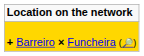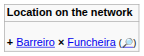 <table role="presentation" class="wikitable mw-collapsible mw-collapsed floatright">
 <tr>
 <td><strong>Location on the network</strong></td>
 </tr>
 <tr>
-<td style="background: gold;"><br><span><strong>+</strong> <a href='#'>Barreiro</a></span> <span><strong>×</strong> <a href='#'>Funcheira</a></span> <small>(<a href='#'>🔎</a>)</small></td>
+<td><br><span><strong>+</strong> <a href='#'>Barreiro</a></span> <span><strong>×</strong> <a href='#'>Funcheira</a></span> <small>(<a href='#'>🔎</a>)</small></td>
 </tr>
 </table>
